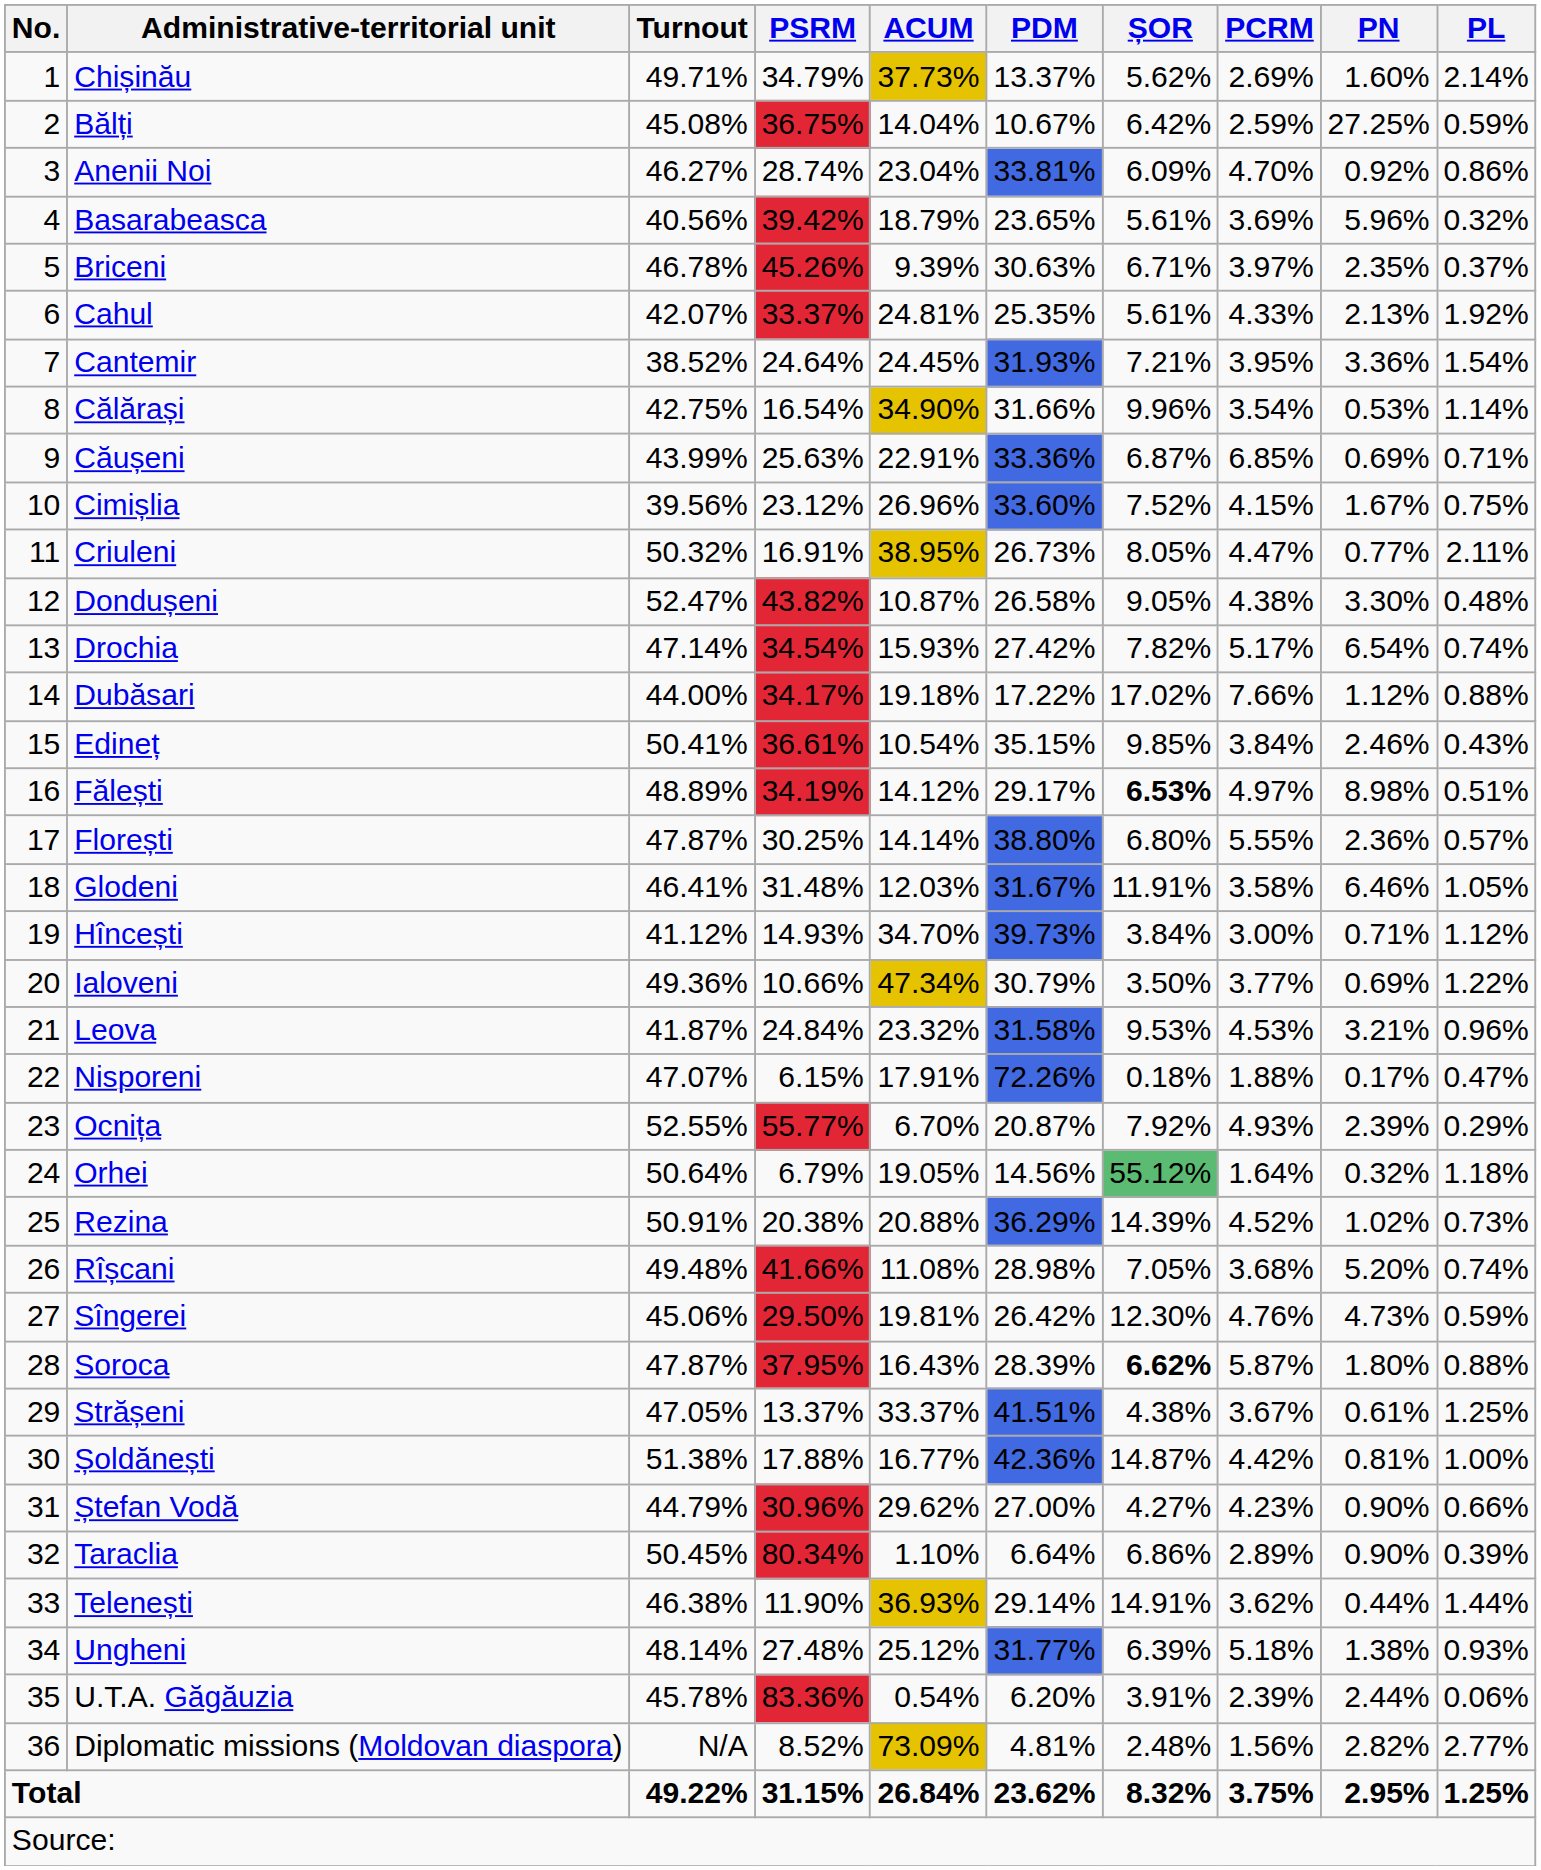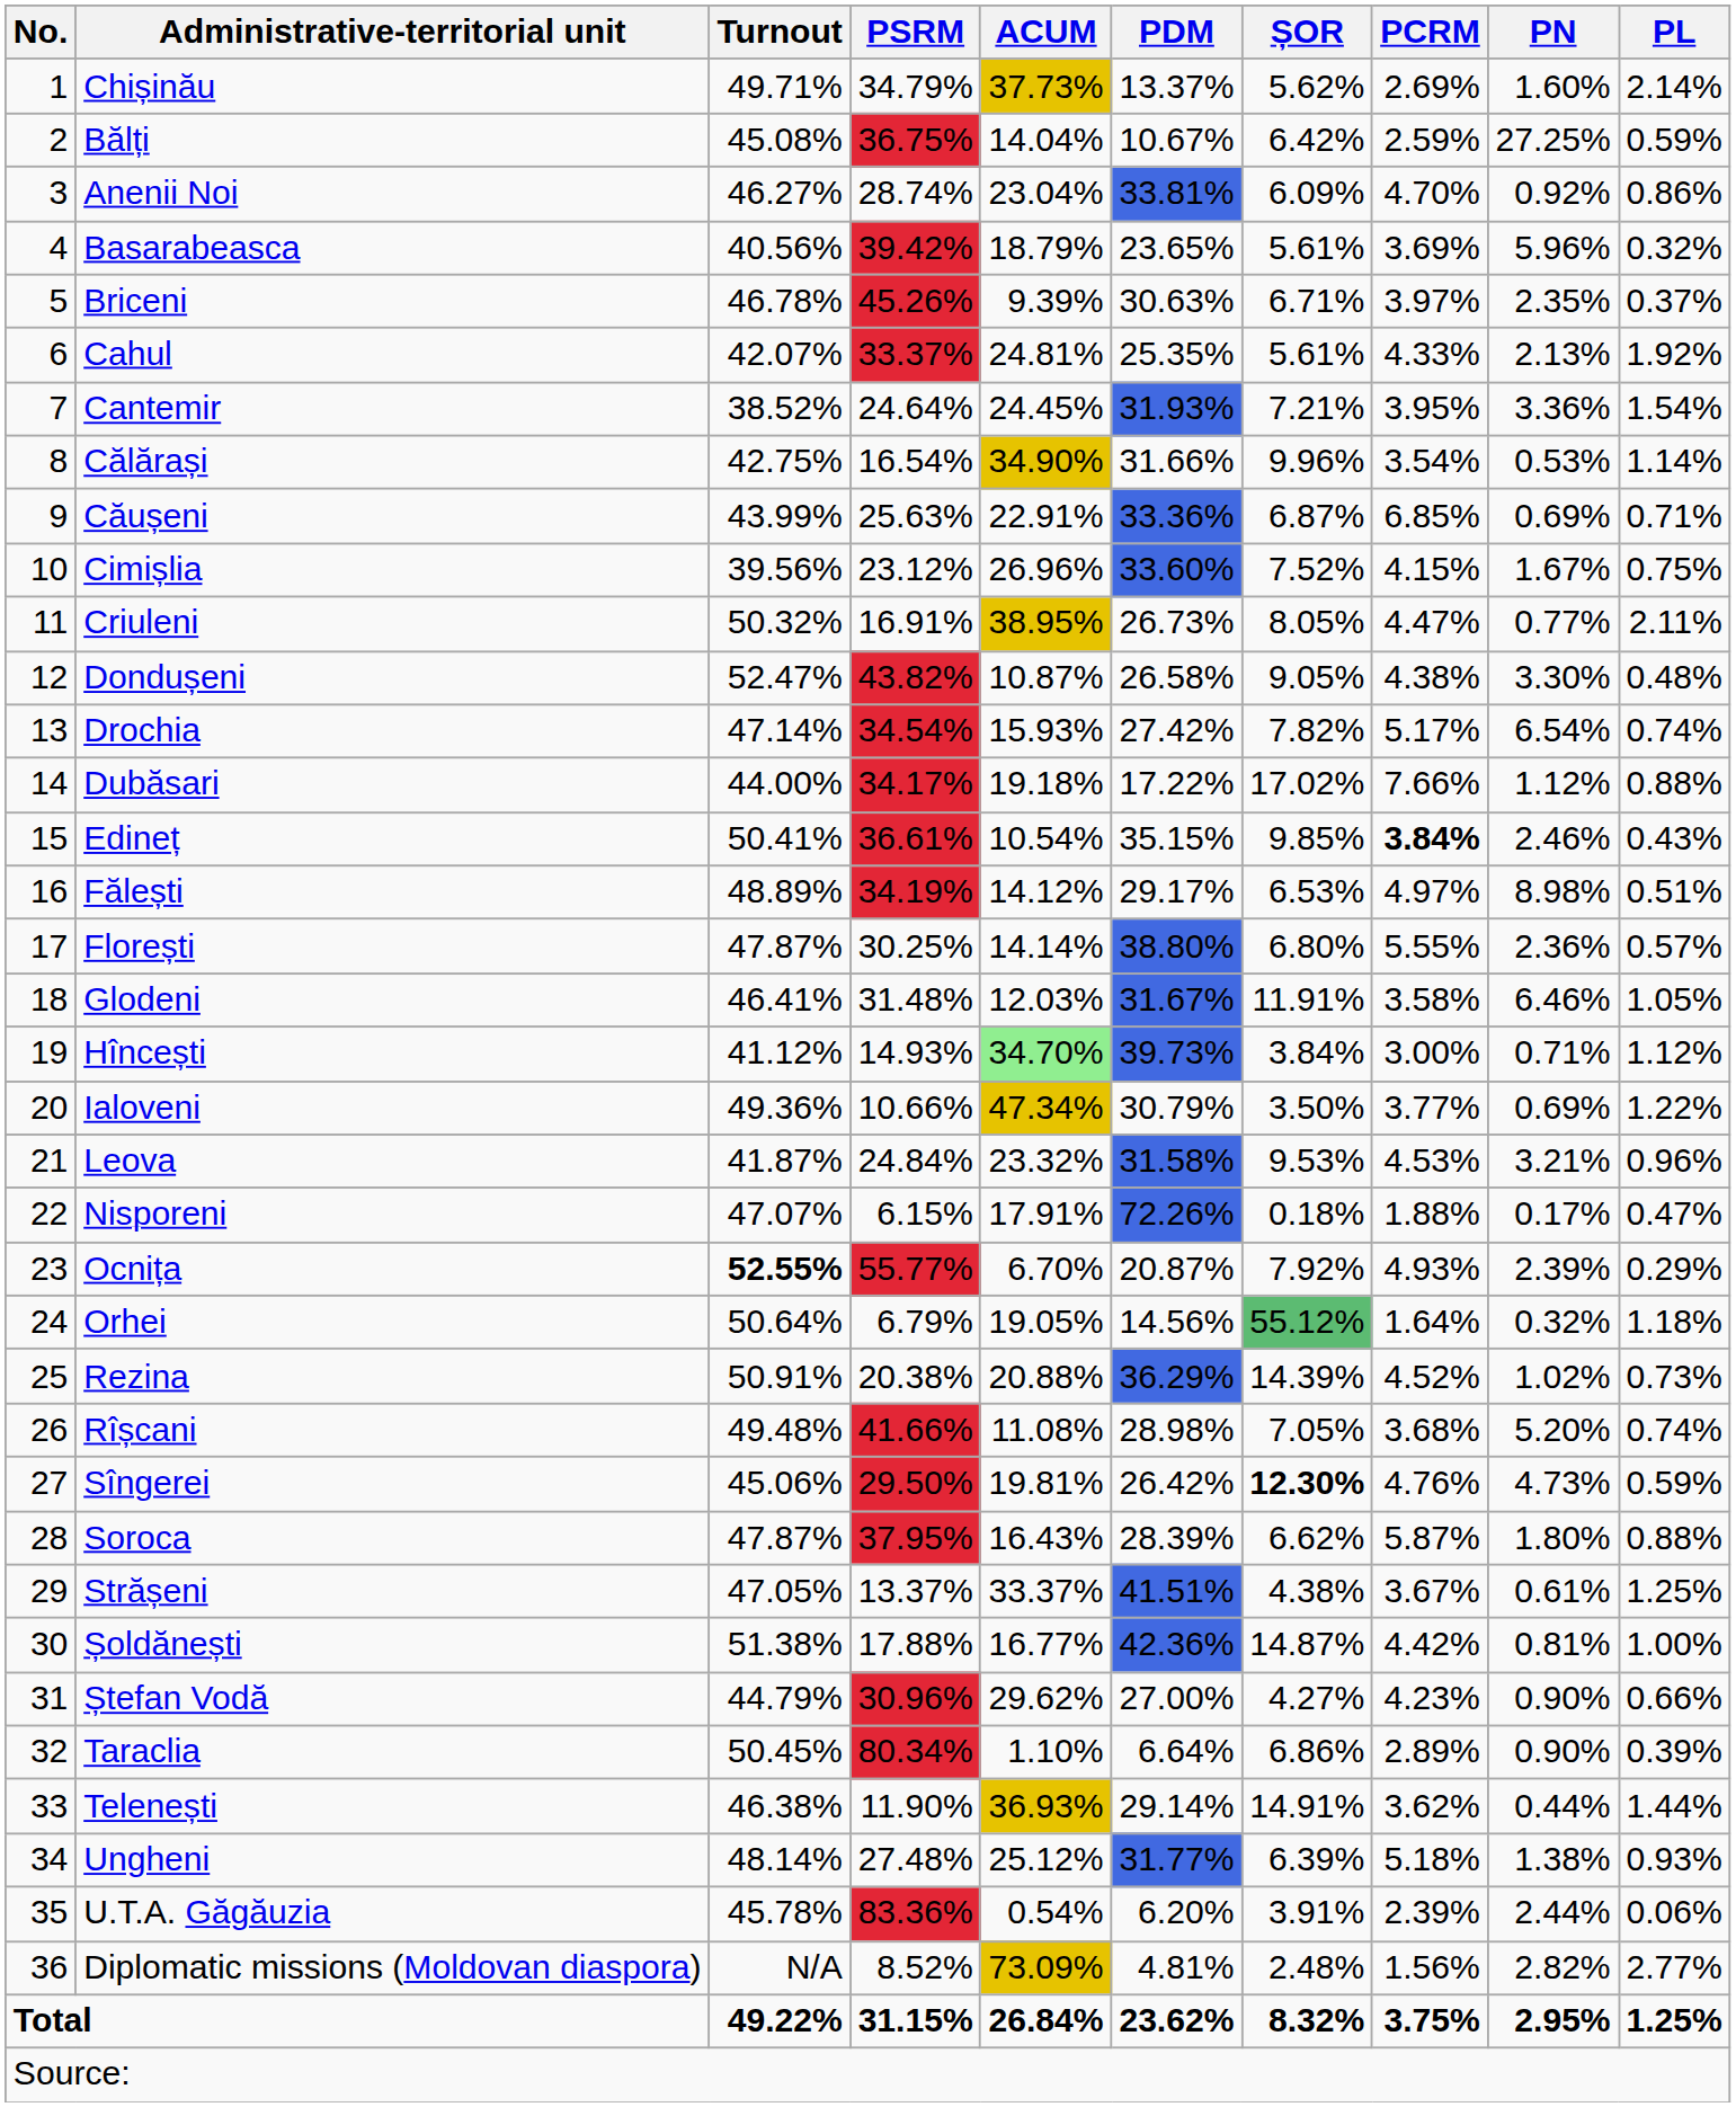 <table class="wikitable sortable" style="text-align:right">
 <tr>
 <th>No.</th>
 <th>Administrative-territorial unit</th>
 <th>Turnout</th>
 <th><a href='#'>PSRM</a></th>
 <th><a href='#'>ACUM</a></th>
 <th><a href='#'>PDM</a></th>
 <th><a href='#'>ȘOR</a></th>
 <th><a href='#'>PCRM</a></th>
 <th><a href='#'>PN</a></th>
 <th><a href='#'>PL</a></th>
 </tr>
 <tr>
 <td>1</td>
 <td align="left"><a href='#'>Chișinău</a></td>
 <td>49.71%</td>
 <td>34.79%</td>
 <td bgcolor="e6c300">37.73%</td>
 <td>13.37%</td>
 <td>5.62%</td>
 <td>2.69%</td>
 <td>1.60%</td>
 <td>2.14%</td>
 </tr>
 <tr>
 <td>2</td>
 <td align="left"><a href='#'>Bălți</a></td>
 <td>45.08%</td>
 <td bgcolor="E32636">36.75%</td>
 <td>14.04%</td>
 <td>10.67%</td>
 <td>6.42%</td>
 <td>2.59%</td>
 <td>27.25%</td>
 <td>0.59%</td>
 </tr>
 <tr>
 <td>3</td>
 <td align="left"><a href='#'>Anenii Noi</a></td>
 <td>46.27%</td>
 <td>28.74%</td>
 <td>23.04%</td>
 <td bgcolor="RoyalBlue">33.81%</td>
 <td>6.09%</td>
 <td>4.70%</td>
 <td>0.92%</td>
 <td>0.86%</td>
 </tr>
 <tr>
 <td>4</td>
 <td align="left"><a href='#'>Basarabeasca</a></td>
 <td>40.56%</td>
 <td bgcolor="E32636">39.42%</td>
 <td>18.79%</td>
 <td>23.65%</td>
 <td>5.61%</td>
 <td>3.69%</td>
 <td>5.96%</td>
 <td>0.32%</td>
 </tr>
 <tr>
 <td>5</td>
 <td align="left"><a href='#'>Briceni</a></td>
 <td>46.78%</td>
 <td bgcolor="E32636">45.26%</td>
 <td>9.39%</td>
 <td>30.63%</td>
 <td>6.71%</td>
 <td>3.97%</td>
 <td>2.35%</td>
 <td>0.37%</td>
 </tr>
 <tr>
 <td>6</td>
 <td align="left"><a href='#'>Cahul</a></td>
 <td>42.07%</td>
 <td bgcolor="E32636">33.37%</td>
 <td>24.81%</td>
 <td>25.35%</td>
 <td>5.61%</td>
 <td>4.33%</td>
 <td>2.13%</td>
 <td>1.92%</td>
 </tr>
 <tr>
 <td>7</td>
 <td align="left"><a href='#'>Cantemir</a></td>
 <td>38.52%</td>
 <td>24.64%</td>
 <td>24.45%</td>
 <td bgcolor="RoyalBlue">31.93%</td>
 <td>7.21%</td>
 <td>3.95%</td>
 <td>3.36%</td>
 <td>1.54%</td>
 </tr>
 <tr>
 <td>8</td>
 <td align="left"><a href='#'>Călărași</a></td>
 <td>42.75%</td>
 <td>16.54%</td>
 <td bgcolor="e6c300">34.90%</td>
 <td>31.66%</td>
 <td>9.96%</td>
 <td>3.54%</td>
 <td>0.53%</td>
 <td>1.14%</td>
 </tr>
 <tr>
 <td>9</td>
 <td align="left"><a href='#'>Căușeni</a></td>
 <td>43.99%</td>
 <td>25.63%</td>
 <td>22.91%</td>
 <td bgcolor="RoyalBlue">33.36%</td>
 <td>6.87%</td>
 <td>6.85%</td>
 <td>0.69%</td>
 <td>0.71%</td>
 </tr>
 <tr>
 <td>10</td>
 <td align="left"><a href='#'>Cimișlia</a></td>
 <td>39.56%</td>
 <td>23.12%</td>
 <td>26.96%</td>
 <td bgcolor="RoyalBlue">33.60%</td>
 <td>7.52%</td>
 <td>4.15%</td>
 <td>1.67%</td>
 <td>0.75%</td>
 </tr>
 <tr>
 <td>11</td>
 <td align="left"><a href='#'>Criuleni</a></td>
 <td>50.32%</td>
 <td>16.91%</td>
 <td bgcolor="e6c300">38.95%</td>
 <td>26.73%</td>
 <td>8.05%</td>
 <td>4.47%</td>
 <td>0.77%</td>
 <td>2.11%</td>
 </tr>
 <tr>
 <td>12</td>
 <td align="left"><a href='#'>Dondușeni</a></td>
 <td>52.47%</td>
 <td bgcolor="E32636">43.82%</td>
 <td>10.87%</td>
 <td>26.58%</td>
 <td>9.05%</td>
 <td>4.38%</td>
 <td>3.30%</td>
 <td>0.48%</td>
 </tr>
 <tr>
 <td>13</td>
 <td align="left"><a href='#'>Drochia</a></td>
 <td>47.14%</td>
 <td bgcolor="E32636">34.54%</td>
 <td>15.93%</td>
 <td>27.42%</td>
 <td>7.82%</td>
 <td>5.17%</td>
 <td>6.54%</td>
 <td>0.74%</td>
 </tr>
 <tr>
 <td>14</td>
 <td align="left"><a href='#'>Dubăsari</a></td>
 <td>44.00%</td>
 <td bgcolor="E32636">34.17%</td>
 <td>19.18%</td>
 <td>17.22%</td>
 <td>17.02%</td>
 <td>7.66%</td>
 <td>1.12%</td>
 <td>0.88%</td>
 </tr>
 <tr>
 <td>15</td>
 <td align="left"><a href='#'>Edineț</a></td>
 <td>50.41%</td>
 <td bgcolor="E32636">36.61%</td>
 <td>10.54%</td>
 <td>35.15%</td>
 <td>9.85%</td>
-<td>3.84%</td>
+<td><strong>3.84%</strong></td>
 <td>2.46%</td>
 <td>0.43%</td>
 </tr>
 <tr>
 <td>16</td>
 <td align="left"><a href='#'>Fălești</a></td>
 <td>48.89%</td>
 <td bgcolor="E32636">34.19%</td>
 <td>14.12%</td>
 <td>29.17%</td>
-<td><strong>6.53%</strong></td>
+<td>6.53%</td>
 <td>4.97%</td>
 <td>8.98%</td>
 <td>0.51%</td>
 </tr>
 <tr>
 <td>17</td>
 <td align="left"><a href='#'>Florești</a></td>
 <td>47.87%</td>
 <td>30.25%</td>
 <td>14.14%</td>
 <td bgcolor="RoyalBlue">38.80%</td>
 <td>6.80%</td>
 <td>5.55%</td>
 <td>2.36%</td>
 <td>0.57%</td>
 </tr>
 <tr>
 <td>18</td>
 <td align="left"><a href='#'>Glodeni</a></td>
 <td>46.41%</td>
 <td>31.48%</td>
 <td>12.03%</td>
 <td bgcolor="RoyalBlue">31.67%</td>
 <td>11.91%</td>
 <td>3.58%</td>
 <td>6.46%</td>
 <td>1.05%</td>
 </tr>
 <tr>
 <td>19</td>
 <td align="left"><a href='#'>Hîncești</a></td>
 <td>41.12%</td>
 <td>14.93%</td>
-<td>34.70%</td>
+<td style="background: lightgreen;">34.70%</td>
 <td bgcolor="RoyalBlue">39.73%</td>
 <td>3.84%</td>
 <td>3.00%</td>
 <td>0.71%</td>
 <td>1.12%</td>
 </tr>
 <tr>
 <td>20</td>
 <td align="left"><a href='#'>Ialoveni</a></td>
 <td>49.36%</td>
 <td>10.66%</td>
 <td bgcolor="e6c300">47.34%</td>
 <td>30.79%</td>
 <td>3.50%</td>
 <td>3.77%</td>
 <td>0.69%</td>
 <td>1.22%</td>
 </tr>
 <tr>
 <td>21</td>
 <td align="left"><a href='#'>Leova</a></td>
 <td>41.87%</td>
 <td>24.84%</td>
 <td>23.32%</td>
 <td bgcolor="RoyalBlue">31.58%</td>
 <td>9.53%</td>
 <td>4.53%</td>
 <td>3.21%</td>
 <td>0.96%</td>
 </tr>
 <tr>
 <td>22</td>
 <td align="left"><a href='#'>Nisporeni</a></td>
 <td>47.07%</td>
 <td>6.15%</td>
 <td>17.91%</td>
 <td bgcolor="RoyalBlue">72.26%</td>
 <td>0.18%</td>
 <td>1.88%</td>
 <td>0.17%</td>
 <td>0.47%</td>
 </tr>
 <tr>
 <td>23</td>
 <td align="left"><a href='#'>Ocnița</a></td>
-<td>52.55%</td>
+<td><strong>52.55%</strong></td>
 <td bgcolor="E32636">55.77%</td>
 <td>6.70%</td>
 <td>20.87%</td>
 <td>7.92%</td>
 <td>4.93%</td>
 <td>2.39%</td>
 <td>0.29%</td>
 </tr>
 <tr>
 <td>24</td>
 <td align="left"><a href='#'>Orhei</a></td>
 <td>50.64%</td>
 <td>6.79%</td>
 <td>19.05%</td>
 <td>14.56%</td>
 <td bgcolor="5CBB72">55.12%</td>
 <td>1.64%</td>
 <td>0.32%</td>
 <td>1.18%</td>
 </tr>
 <tr>
 <td>25</td>
 <td align="left"><a href='#'>Rezina</a></td>
 <td>50.91%</td>
 <td>20.38%</td>
 <td>20.88%</td>
 <td bgcolor="RoyalBlue">36.29%</td>
 <td>14.39%</td>
 <td>4.52%</td>
 <td>1.02%</td>
 <td>0.73%</td>
 </tr>
 <tr>
 <td>26</td>
 <td align="left"><a href='#'>Rîșcani</a></td>
 <td>49.48%</td>
 <td bgcolor="E32636">41.66%</td>
 <td>11.08%</td>
 <td>28.98%</td>
 <td>7.05%</td>
 <td>3.68%</td>
 <td>5.20%</td>
 <td>0.74%</td>
 </tr>
 <tr>
 <td>27</td>
 <td align="left"><a href='#'>Sîngerei</a></td>
 <td>45.06%</td>
 <td bgcolor="E32636">29.50%</td>
 <td>19.81%</td>
 <td>26.42%</td>
-<td>12.30%</td>
+<td><strong>12.30%</strong></td>
 <td>4.76%</td>
 <td>4.73%</td>
 <td>0.59%</td>
 </tr>
 <tr>
 <td>28</td>
 <td align="left"><a href='#'>Soroca</a></td>
 <td>47.87%</td>
 <td bgcolor="E32636">37.95%</td>
 <td>16.43%</td>
 <td>28.39%</td>
-<td><strong>6.62%</strong></td>
+<td>6.62%</td>
 <td>5.87%</td>
 <td>1.80%</td>
 <td>0.88%</td>
 </tr>
 <tr>
 <td>29</td>
 <td align="left"><a href='#'>Strășeni</a></td>
 <td>47.05%</td>
 <td>13.37%</td>
 <td>33.37%</td>
 <td bgcolor="RoyalBlue">41.51%</td>
 <td>4.38%</td>
 <td>3.67%</td>
 <td>0.61%</td>
 <td>1.25%</td>
 </tr>
 <tr>
 <td>30</td>
 <td align="left"><a href='#'>Șoldănești</a></td>
 <td>51.38%</td>
 <td>17.88%</td>
 <td>16.77%</td>
 <td bgcolor="RoyalBlue">42.36%</td>
 <td>14.87%</td>
 <td>4.42%</td>
 <td>0.81%</td>
 <td>1.00%</td>
 </tr>
 <tr>
 <td>31</td>
 <td align="left"><a href='#'>Ștefan Vodă</a></td>
 <td>44.79%</td>
 <td bgcolor="E32636">30.96%</td>
 <td>29.62%</td>
 <td>27.00%</td>
 <td>4.27%</td>
 <td>4.23%</td>
 <td>0.90%</td>
 <td>0.66%</td>
 </tr>
 <tr>
 <td>32</td>
 <td align="left"><a href='#'>Taraclia</a></td>
 <td>50.45%</td>
 <td bgcolor="E32636">80.34%</td>
 <td>1.10%</td>
 <td>6.64%</td>
 <td>6.86%</td>
 <td>2.89%</td>
 <td>0.90%</td>
 <td>0.39%</td>
 </tr>
 <tr>
 <td>33</td>
 <td align="left"><a href='#'>Telenești</a></td>
 <td>46.38%</td>
 <td>11.90%</td>
 <td bgcolor="e6c300">36.93%</td>
 <td>29.14%</td>
 <td>14.91%</td>
 <td>3.62%</td>
 <td>0.44%</td>
 <td>1.44%</td>
 </tr>
 <tr>
 <td>34</td>
 <td align="left"><a href='#'>Ungheni</a></td>
 <td>48.14%</td>
 <td>27.48%</td>
 <td>25.12%</td>
 <td bgcolor="RoyalBlue">31.77%</td>
 <td>6.39%</td>
 <td>5.18%</td>
 <td>1.38%</td>
 <td>0.93%</td>
 </tr>
 <tr>
 <td>35</td>
 <td align="left">U.T.A. <a href='#'>Găgăuzia</a></td>
 <td>45.78%</td>
 <td bgcolor="E32636">83.36%</td>
 <td>0.54%</td>
 <td>6.20%</td>
 <td>3.91%</td>
 <td>2.39%</td>
 <td>2.44%</td>
 <td>0.06%</td>
 </tr>
 <tr>
 <td>36</td>
 <td align="left">Diplomatic missions (<a href='#'>Moldovan diaspora</a>)</td>
 <td>N/A</td>
 <td>8.52%</td>
 <td bgcolor="e6c300">73.09%</td>
 <td>4.81%</td>
 <td>2.48%</td>
 <td>1.56%</td>
 <td>2.82%</td>
 <td>2.77%</td>
 </tr>
 <tr>
 <td colspan="2" align="left"><strong>Total</strong></td>
 <td><strong>49.22%</strong></td>
 <td><strong>31.15%</strong></td>
 <td><strong>26.84%</strong></td>
 <td><strong>23.62%</strong></td>
 <td><strong>8.32%</strong></td>
 <td><strong>3.75%</strong></td>
 <td><strong>2.95%</strong></td>
 <td><strong>1.25%</strong></td>
 </tr>
 <tr>
 <td colspan="10" align="left">Source: </td>
 </tr>
 </table>
